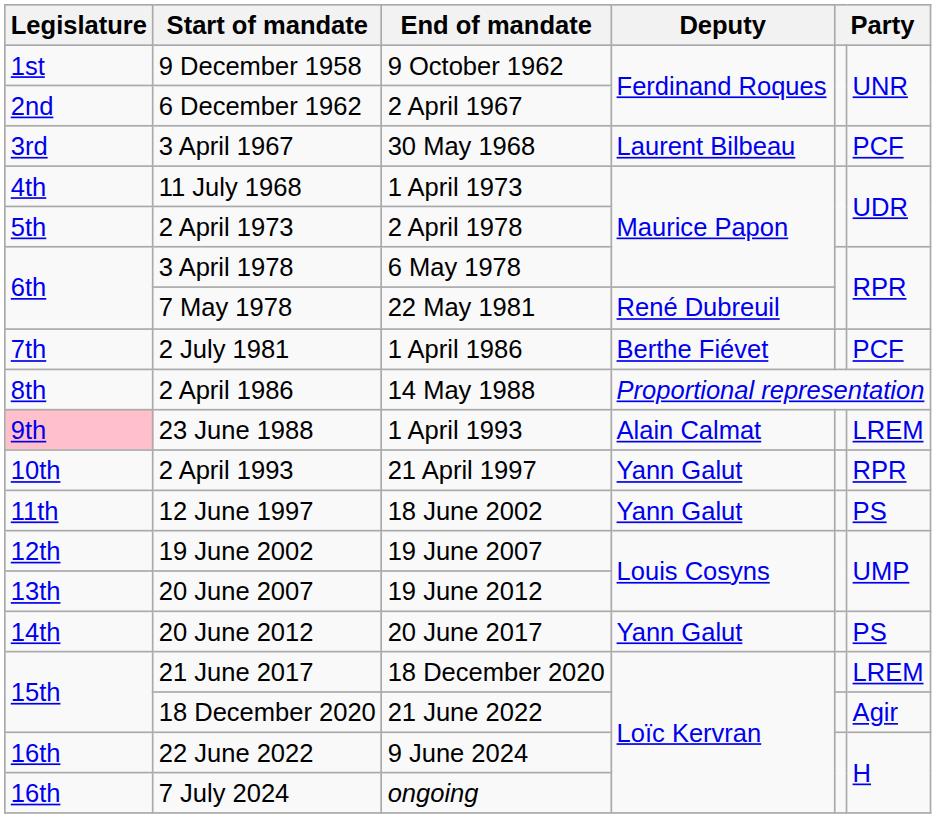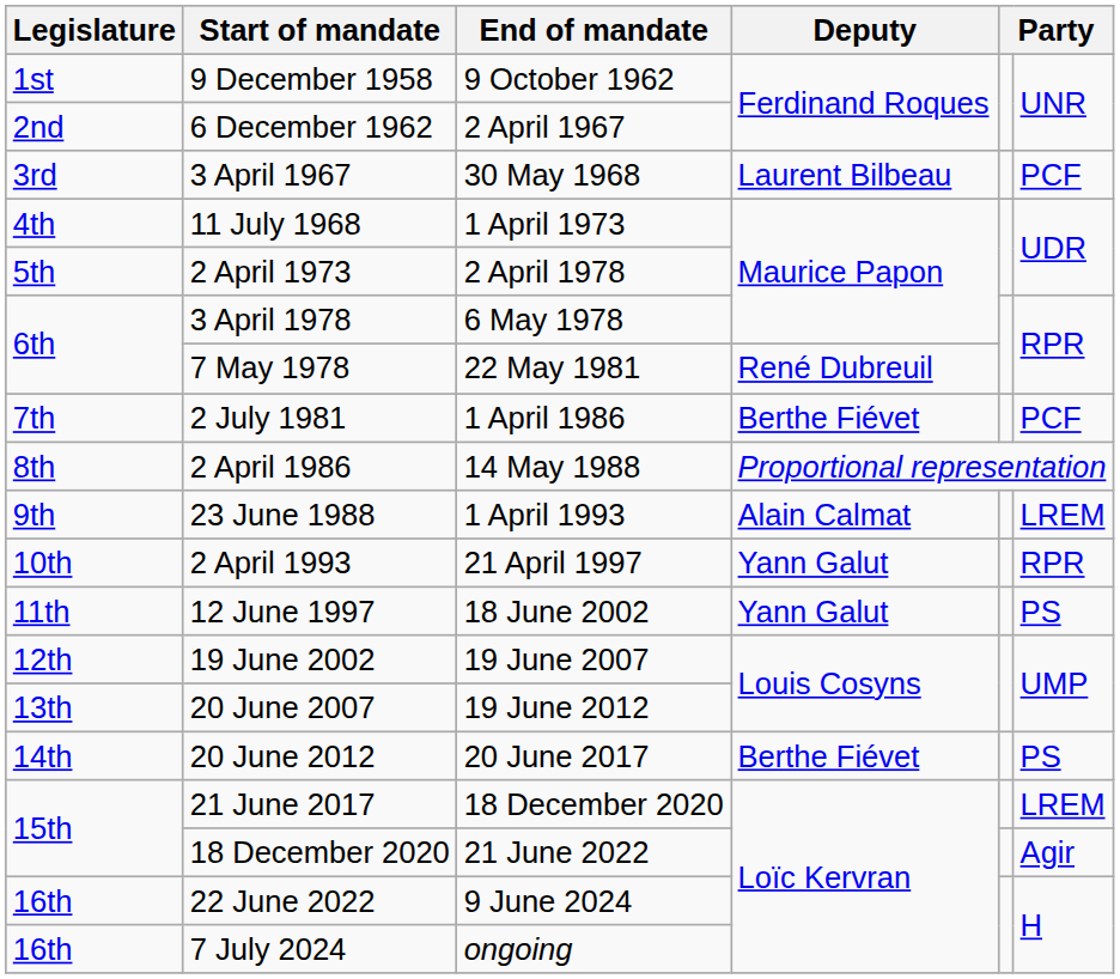 <table class="wikitable" style="font-size:95%;">
 <tr>
 <th>Legislature</th>
 <th>Start of mandate</th>
 <th>End of mandate</th>
 <th>Deputy</th>
 <th colspan="2">Party</th>
 </tr>
 <tr>
 <td><a href='#'>1st</a></td>
 <td>9 December 1958</td>
 <td>9 October 1962</td>
 <td rowspan="2"><a href='#'>Ferdinand Roques</a></td>
 <td rowspan="2" style="color:inherit;background:"></td>
 <td rowspan="2"><a href='#'>UNR</a></td>
 </tr>
 <tr>
 <td><a href='#'>2nd</a></td>
 <td>6 December 1962</td>
 <td>2 April 1967</td>
 </tr>
 <tr>
 <td><a href='#'>3rd</a></td>
 <td>3 April 1967</td>
 <td>30 May 1968</td>
 <td><a href='#'>Laurent Bilbeau</a></td>
 <td style="color:inherit;background:"></td>
 <td><a href='#'>PCF</a></td>
 </tr>
 <tr>
 <td><a href='#'>4th</a></td>
 <td>11 July 1968</td>
 <td>1 April 1973</td>
 <td rowspan="3"><a href='#'>Maurice Papon</a></td>
 <td rowspan="2" style="color:inherit;background:"></td>
 <td rowspan="2"><a href='#'>UDR</a></td>
 </tr>
 <tr>
 <td><a href='#'>5th</a></td>
 <td>2 April 1973</td>
 <td>2 April 1978</td>
 </tr>
 <tr>
 <td rowspan="2"><a href='#'>6th</a></td>
 <td>3 April 1978</td>
 <td>6 May 1978</td>
 <td rowspan="2" style="color:inherit;background:"></td>
 <td rowspan="2"><a href='#'>RPR</a></td>
 </tr>
 <tr>
 <td>7 May 1978</td>
 <td>22 May 1981</td>
 <td><a href='#'>René Dubreuil</a></td>
 </tr>
 <tr>
 <td><a href='#'>7th</a></td>
 <td>2 July 1981</td>
 <td>1 April 1986</td>
 <td><a href='#'>Berthe Fiévet</a></td>
 <td style="color:inherit;background:"></td>
 <td><a href='#'>PCF</a></td>
 </tr>
 <tr>
 <td><a href='#'>8th</a></td>
 <td>2 April 1986</td>
 <td>14 May 1988</td>
 <td colspan="3"><em><a href='#'>Proportional representation</a></em></td>
 </tr>
 <tr>
-<td style="background: pink;"><a href='#'>9th</a></td>
+<td><a href='#'>9th</a></td>
 <td>23 June 1988</td>
 <td>1 April 1993</td>
 <td><a href='#'>Alain Calmat</a></td>
 <td style="color:inherit;background:"></td>
 <td><a href='#'>LREM</a></td>
 </tr>
 <tr>
 <td><a href='#'>10th</a></td>
 <td>2 April 1993</td>
 <td>21 April 1997</td>
 <td><a href='#'>Yann Galut</a></td>
 <td style="color:inherit;background:"></td>
 <td><a href='#'>RPR</a></td>
 </tr>
 <tr>
 <td><a href='#'>11th</a></td>
 <td>12 June 1997</td>
 <td>18 June 2002</td>
 <td><a href='#'>Yann Galut</a></td>
 <td style="color:inherit;background:"></td>
 <td><a href='#'>PS</a></td>
 </tr>
 <tr>
 <td><a href='#'>12th</a></td>
 <td>19 June 2002</td>
 <td>19 June 2007</td>
 <td rowspan="2"><a href='#'>Louis Cosyns</a></td>
 <td rowspan="2" style="color:inherit;background:"></td>
 <td rowspan="2"><a href='#'>UMP</a></td>
 </tr>
 <tr>
 <td><a href='#'>13th</a></td>
 <td>20 June 2007</td>
 <td>19 June 2012</td>
 </tr>
 <tr>
 <td><a href='#'>14th</a></td>
 <td>20 June 2012</td>
 <td>20 June 2017</td>
-<td><a href='#'>Yann Galut</a></td>
+<td><a href='#'>Berthe Fiévet</a></td>
 <td style="color:inherit;background:"></td>
 <td><a href='#'>PS</a></td>
 </tr>
 <tr>
 <td rowspan="2"><a href='#'>15th</a></td>
 <td>21 June 2017</td>
 <td>18 December 2020</td>
 <td rowspan="4"><a href='#'>Loïc Kervran</a></td>
 <td style="color:inherit;background:"></td>
 <td><a href='#'>LREM</a></td>
 </tr>
 <tr>
 <td>18 December 2020</td>
 <td>21 June 2022</td>
 <td style="color:inherit;background:"></td>
 <td><a href='#'>Agir</a></td>
 </tr>
 <tr>
 <td><a href='#'>16th</a></td>
 <td>22 June 2022</td>
 <td>9 June 2024</td>
 <td rowspan="2" style="color:inherit;background:"></td>
 <td rowspan="2"><a href='#'>H</a></td>
 </tr>
 <tr>
 <td><a href='#'>16th</a></td>
 <td>7 July 2024</td>
 <td><em>ongoing</em></td>
 </tr>
 </table>
